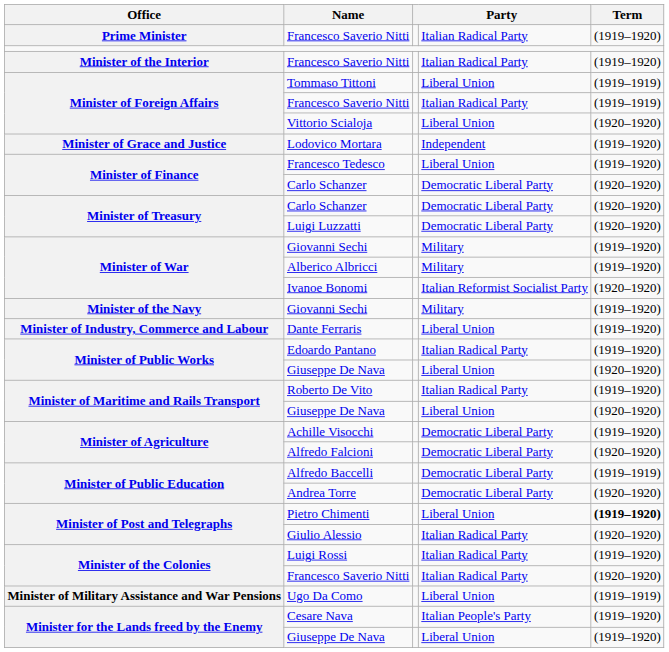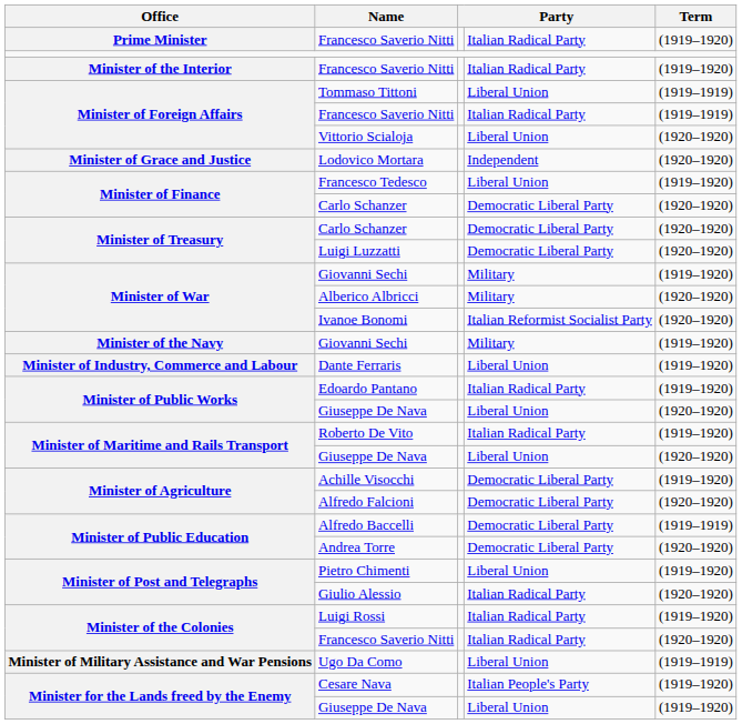 <table class="wikitable" style="font-size: 100%;">
 <tr>
 <th>Office</th>
 <th>Name</th>
 <th colspan=2>Party</th>
 <th>Term</th>
 </tr>
 <tr>
 <th><a href='#'>Prime Minister</a></th>
 <td><a href='#'>Francesco Saverio Nitti</a></td>
 <td style="color:inherit;background:"></td>
 <td><a href='#'>Italian Radical Party</a></td>
 <td>(1919–1920)</td>
 </tr>
 <tr>
 <td colspan=6></td>
 </tr>
 <tr>
 <th><a href='#'>Minister of the Interior</a></th>
 <td><a href='#'>Francesco Saverio Nitti</a></td>
 <td style="color:inherit;background:"></td>
 <td><a href='#'>Italian Radical Party</a></td>
 <td>(1919–1920)</td>
 </tr>
 <tr>
 <th rowspan=3><a href='#'>Minister of Foreign Affairs</a></th>
 <td><a href='#'>Tommaso Tittoni</a></td>
 <td style="color:inherit;background:"></td>
 <td><a href='#'>Liberal Union</a></td>
 <td>(1919–1919)</td>
 </tr>
 <tr>
 <td><a href='#'>Francesco Saverio Nitti</a></td>
 <td style="color:inherit;background:"></td>
 <td><a href='#'>Italian Radical Party</a></td>
 <td>(1919–1919)</td>
 </tr>
 <tr>
 <td><a href='#'>Vittorio Scialoja</a></td>
 <td style="color:inherit;background:"></td>
 <td><a href='#'>Liberal Union</a></td>
 <td>(1920–1920)</td>
 </tr>
 <tr>
 <th><a href='#'>Minister of Grace and Justice</a></th>
 <td><a href='#'>Lodovico Mortara</a></td>
 <td style="color:inherit;background:"></td>
 <td><a href='#'>Independent</a></td>
-<td>(1919–1920)</td>
+<td>(1920–1920)</td>
 </tr>
 <tr>
 <th rowspan=2><a href='#'>Minister of Finance</a></th>
 <td><a href='#'>Francesco Tedesco</a></td>
 <td style="color:inherit;background:"></td>
 <td><a href='#'>Liberal Union</a></td>
 <td>(1919–1920)</td>
 </tr>
 <tr>
 <td><a href='#'>Carlo Schanzer</a></td>
 <td style="color:inherit;background:"></td>
 <td><a href='#'>Democratic Liberal Party</a></td>
 <td>(1920–1920)</td>
 </tr>
 <tr>
 <th rowspan=2><a href='#'>Minister of Treasury</a></th>
 <td><a href='#'>Carlo Schanzer</a></td>
 <td style="color:inherit;background:"></td>
 <td><a href='#'>Democratic Liberal Party</a></td>
 <td>(1920–1920)</td>
 </tr>
 <tr>
 <td><a href='#'>Luigi Luzzatti</a></td>
 <td style="color:inherit;background:"></td>
 <td><a href='#'>Democratic Liberal Party</a></td>
 <td>(1920–1920)</td>
 </tr>
 <tr>
 <th rowspan=3><a href='#'>Minister of War</a></th>
 <td><a href='#'>Giovanni Sechi</a></td>
 <td style="color:inherit;background:"></td>
 <td><a href='#'>Military</a></td>
 <td>(1919–1920)</td>
 </tr>
 <tr>
 <td><a href='#'>Alberico Albricci</a></td>
 <td style="color:inherit;background:"></td>
 <td><a href='#'>Military</a></td>
-<td>(1919–1920)</td>
+<td>(1920–1920)</td>
 </tr>
 <tr>
 <td><a href='#'>Ivanoe Bonomi</a></td>
 <td style="color:inherit;background:"></td>
 <td><a href='#'>Italian Reformist Socialist Party</a></td>
 <td>(1920–1920)</td>
 </tr>
 <tr>
 <th><a href='#'>Minister of the Navy</a></th>
 <td><a href='#'>Giovanni Sechi</a></td>
 <td style="color:inherit;background:"></td>
 <td><a href='#'>Military</a></td>
 <td>(1919–1920)</td>
 </tr>
 <tr>
 <th><a href='#'>Minister of Industry, Commerce and Labour</a></th>
 <td><a href='#'>Dante Ferraris</a></td>
 <td style="color:inherit;background:"></td>
 <td><a href='#'>Liberal Union</a></td>
 <td>(1919–1920)</td>
 </tr>
 <tr>
 <th rowspan=2><a href='#'>Minister of Public Works</a></th>
 <td><a href='#'>Edoardo Pantano</a></td>
 <td style="color:inherit;background:"></td>
 <td><a href='#'>Italian Radical Party</a></td>
 <td>(1919–1920)</td>
 </tr>
 <tr>
 <td><a href='#'>Giuseppe De Nava</a></td>
 <td style="color:inherit;background:"></td>
 <td><a href='#'>Liberal Union</a></td>
 <td>(1920–1920)</td>
 </tr>
 <tr>
 <th rowspan=2><a href='#'>Minister of Maritime and Rails Transport</a></th>
 <td><a href='#'>Roberto De Vito</a></td>
 <td style="color:inherit;background:"></td>
 <td><a href='#'>Italian Radical Party</a></td>
 <td>(1919–1920)</td>
 </tr>
 <tr>
 <td><a href='#'>Giuseppe De Nava</a></td>
 <td style="color:inherit;background:"></td>
 <td><a href='#'>Liberal Union</a></td>
 <td>(1920–1920)</td>
 </tr>
 <tr>
 <th rowspan=2><a href='#'>Minister of Agriculture</a></th>
 <td><a href='#'>Achille Visocchi</a></td>
 <td style="color:inherit;background:"></td>
 <td><a href='#'>Democratic Liberal Party</a></td>
 <td>(1919–1920)</td>
 </tr>
 <tr>
 <td><a href='#'>Alfredo Falcioni</a></td>
 <td style="color:inherit;background:"></td>
 <td><a href='#'>Democratic Liberal Party</a></td>
 <td>(1920–1920)</td>
 </tr>
 <tr>
 <th rowspan=2><a href='#'>Minister of Public Education</a></th>
 <td><a href='#'>Alfredo Baccelli</a></td>
 <td style="color:inherit;background:"></td>
 <td><a href='#'>Democratic Liberal Party</a></td>
 <td>(1919–1919)</td>
 </tr>
 <tr>
 <td><a href='#'>Andrea Torre</a></td>
 <td style="color:inherit;background:"></td>
 <td><a href='#'>Democratic Liberal Party</a></td>
 <td>(1920–1920)</td>
 </tr>
 <tr>
 <th rowspan=2><a href='#'>Minister of Post and Telegraphs</a></th>
 <td><a href='#'>Pietro Chimenti</a></td>
 <td style="color:inherit;background:"></td>
 <td><a href='#'>Liberal Union</a></td>
-<td><strong>(1919–1920)</strong></td>
+<td>(1919–1920)</td>
 </tr>
 <tr>
 <td><a href='#'>Giulio Alessio</a></td>
 <td style="color:inherit;background:"></td>
 <td><a href='#'>Italian Radical Party</a></td>
 <td>(1920–1920)</td>
 </tr>
 <tr>
 <th rowspan=2><a href='#'>Minister of the Colonies</a></th>
 <td><a href='#'>Luigi Rossi</a></td>
 <td style="color:inherit;background:"></td>
 <td><a href='#'>Italian Radical Party</a></td>
 <td>(1919–1920)</td>
 </tr>
 <tr>
 <td><a href='#'>Francesco Saverio Nitti</a></td>
 <td style="color:inherit;background:"></td>
 <td><a href='#'>Italian Radical Party</a></td>
 <td>(1920–1920)</td>
 </tr>
 <tr>
 <th>Minister of Military Assistance and War Pensions</th>
 <td><a href='#'>Ugo Da Como</a></td>
 <td style="color:inherit;background:"></td>
 <td><a href='#'>Liberal Union</a></td>
 <td>(1919–1919)</td>
 </tr>
 <tr>
 <th rowspan=2><a href='#'>Minister for the Lands freed by the Enemy</a></th>
 <td><a href='#'>Cesare Nava</a></td>
 <td style="color:inherit;background:"></td>
 <td><a href='#'>Italian People's Party</a></td>
 <td>(1919–1920)</td>
 </tr>
 <tr>
 <td><a href='#'>Giuseppe De Nava</a></td>
 <td style="color:inherit;background:"></td>
 <td><a href='#'>Liberal Union</a></td>
 <td>(1919–1920)</td>
 </tr>
 </table>
